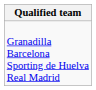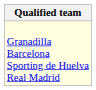 <table class="wikitable">
 <tr>
 <th>Qualified team</th>
 </tr>
 <tr valign=top>
-<td><br><a href='#'>Granadilla</a><br> <a href='#'>Barcelona</a><br> <a href='#'>Sporting de Huelva</a><br> <a href='#'>Real Madrid</a></td>
+<td style="background: lightyellow;"><br><a href='#'>Granadilla</a><br> <a href='#'>Barcelona</a><br> <a href='#'>Sporting de Huelva</a><br> <a href='#'>Real Madrid</a></td>
 </tr>
 </table>
